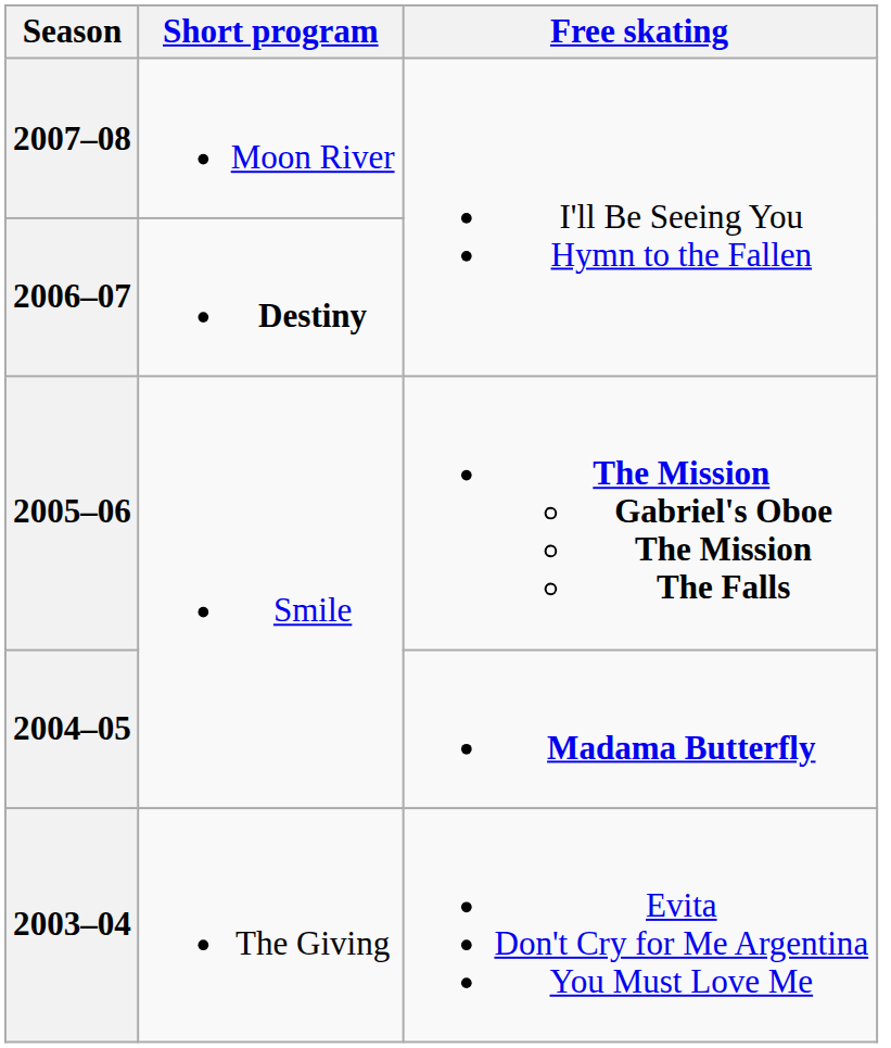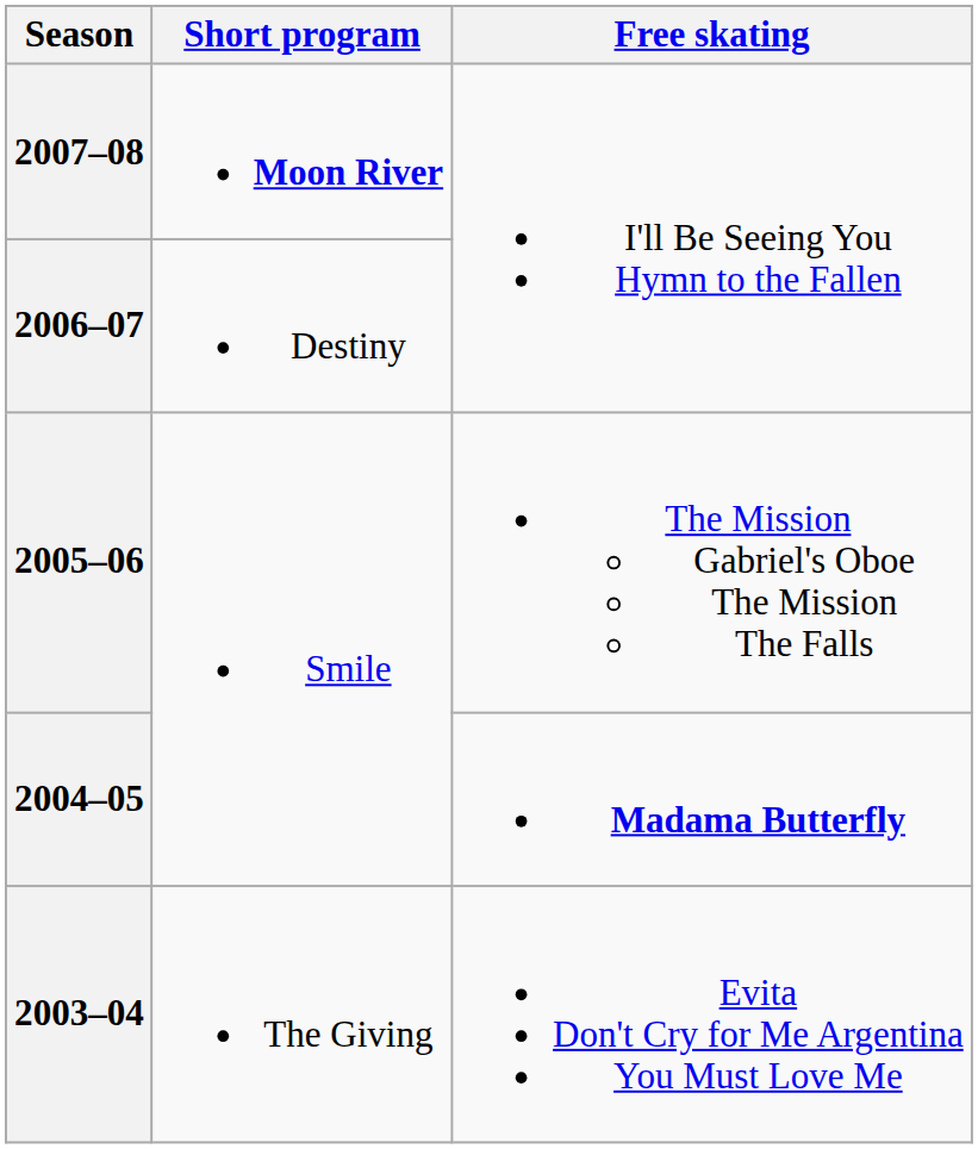 <table class=wikitable style=text-align:center>
 <tr>
 <th>Season</th>
 <th><a href='#'>Short program</a></th>
 <th><a href='#'>Free skating</a></th>
 </tr>
 <tr>
 <th>2007–08 <br> </th>
-<td><br><ul><li><a href='#'>Moon River</a> <br></li></ul></td>
+<td><strong><br><ul><li><a href='#'>Moon River</a> <br></li></ul></strong></td>
 <td rowspan=2><br><ul><li>I'll Be Seeing You</li><li><a href='#'>Hymn to the Fallen</a> <br></li></ul></td>
 </tr>
 <tr>
 <th>2006–07 <br> </th>
-<td><strong><br><ul><li>Destiny <br></li></ul></strong></td>
+<td><br><ul><li>Destiny <br></li></ul></td>
 </tr>
 <tr>
 <th>2005–06 <br> </th>
 <td rowspan=2><br><ul><li><a href='#'>Smile</a> <br></li></ul></td>
-<td><strong><br><ul><li><a href='#'>The Mission</a> <br><ul><li>Gabriel's Oboe</li><li>The Mission</li><li>The Falls</li></ul></li></ul></strong></td>
+<td><br><ul><li><a href='#'>The Mission</a> <br><ul><li>Gabriel's Oboe</li><li>The Mission</li><li>The Falls</li></ul></li></ul></td>
 </tr>
 <tr>
 <th>2004–05 <br> </th>
 <td><strong><br><ul><li><a href='#'>Madama Butterfly</a> <br></li></ul></strong></td>
 </tr>
 <tr>
 <th>2003–04 <br> </th>
 <td><br><ul><li>The Giving <br></li></ul></td>
 <td><br><ul><li><a href='#'>Evita</a> <br></li><li><a href='#'>Don't Cry for Me Argentina</a></li><li><a href='#'>You Must Love Me</a></li></ul></td>
 </tr>
 </table>
